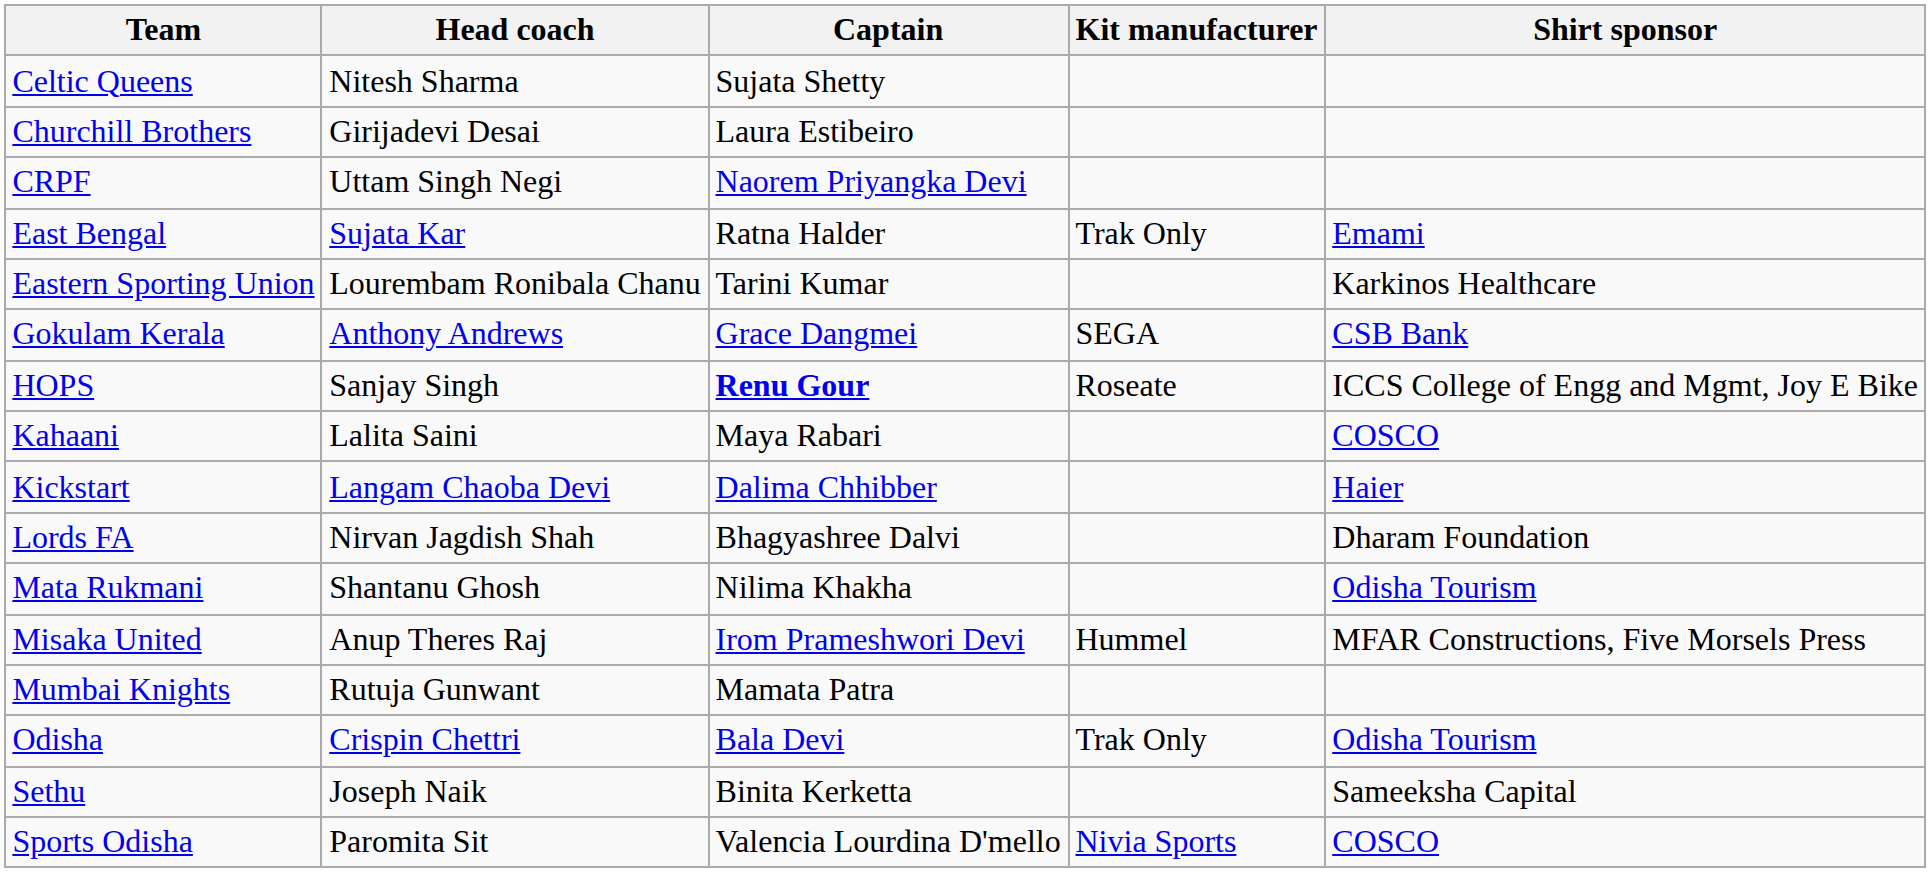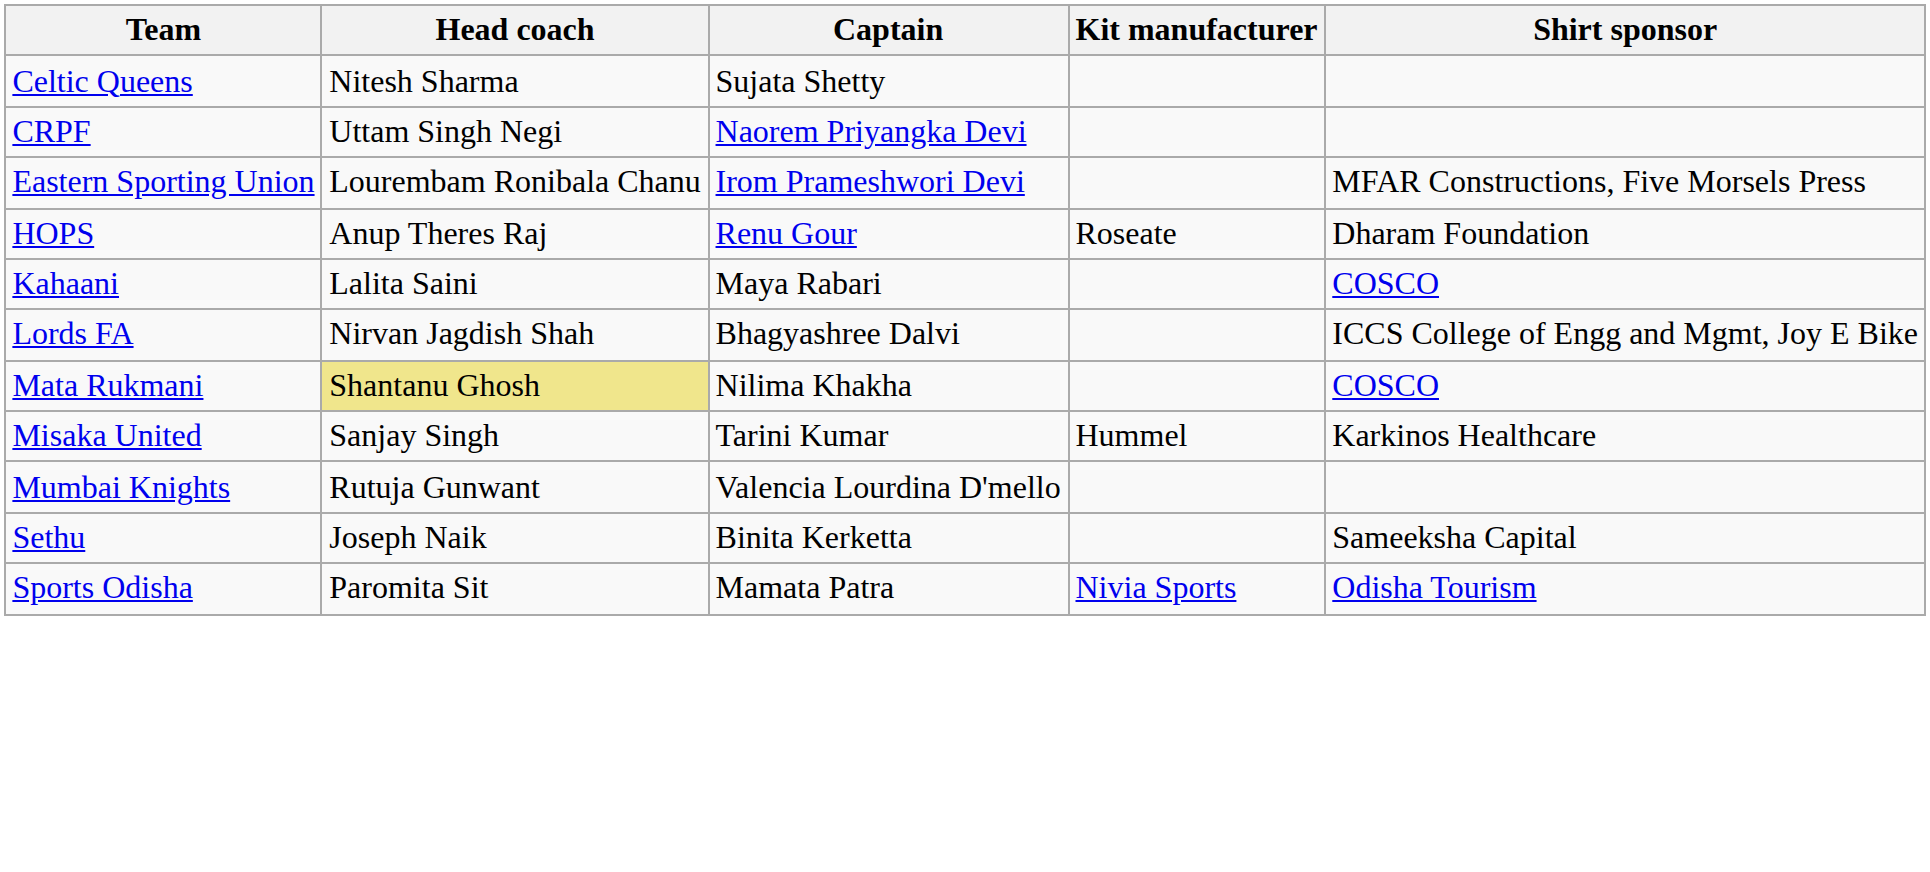 <table class="wikitable sortable" style="text-align: left">
 <tr>
 <th scope=col>Team</th>
 <th scope=col>Head coach</th>
 <th scope=col>Captain</th>
 <th scope=col>Kit manufacturer</th>
 <th scope=col>Shirt sponsor</th>
 </tr>
 <tr>
 <td><a href='#'>Celtic Queens</a></td>
 <td> Nitesh Sharma</td>
 <td> Sujata Shetty</td>
 <td></td>
 <td></td>
 </tr>
 <tr>
-<td><a href='#'>Churchill Brothers</a></td>
-<td> Girijadevi Desai</td>
-<td> Laura Estibeiro</td>
-<td></td>
-<td></td>
-</tr>
-<tr>
 <td><a href='#'>CRPF</a></td>
 <td> Uttam Singh Negi</td>
 <td> <a href='#'>Naorem Priyangka Devi</a></td>
 <td></td>
 <td></td>
 </tr>
 <tr>
-<td><a href='#'>East Bengal</a></td>
-<td> <a href='#'>Sujata Kar</a></td>
-<td> Ratna Halder</td>
-<td>Trak Only</td>
-<td><a href='#'>Emami</a></td>
-</tr>
-<tr>
 <td><a href='#'>Eastern Sporting Union</a></td>
 <td> Lourembam Ronibala Chanu</td>
-<td> Tarini Kumar</td>
+<td> <a href='#'>Irom Prameshwori Devi</a></td>
 <td></td>
-<td>Karkinos Healthcare</td>
-</tr>
-<tr>
-<td><a href='#'>Gokulam Kerala</a></td>
-<td> <a href='#'>Anthony Andrews</a></td>
-<td> <a href='#'>Grace Dangmei</a></td>
-<td>SEGA</td>
-<td><a href='#'>CSB Bank</a></td>
+<td>MFAR Constructions, Five Morsels Press</td>
 </tr>
 <tr>
 <td><a href='#'>HOPS</a></td>
-<td> Sanjay Singh</td>
-<td><strong> <a href='#'>Renu Gour</a></strong></td>
+<td> Anup Theres Raj</td>
+<td> <a href='#'>Renu Gour</a></td>
 <td>Roseate</td>
-<td>ICCS College of Engg and Mgmt, Joy E Bike</td>
+<td>Dharam Foundation</td>
 </tr>
 <tr>
 <td><a href='#'>Kahaani</a></td>
 <td> Lalita Saini</td>
 <td> Maya Rabari</td>
 <td></td>
 <td><a href='#'>COSCO</a></td>
 </tr>
 <tr>
-<td><a href='#'>Kickstart</a></td>
-<td> <a href='#'>Langam Chaoba Devi</a></td>
-<td> <a href='#'>Dalima Chhibber</a></td>
-<td></td>
-<td><a href='#'>Haier</a></td>
-</tr>
-<tr>
 <td><a href='#'>Lords FA</a></td>
 <td> Nirvan Jagdish Shah</td>
 <td> Bhagyashree Dalvi</td>
 <td></td>
-<td>Dharam Foundation</td>
+<td>ICCS College of Engg and Mgmt, Joy E Bike</td>
 </tr>
 <tr>
 <td><a href='#'>Mata Rukmani</a></td>
-<td> Shantanu Ghosh</td>
+<td style="background: khaki;"> Shantanu Ghosh</td>
 <td> Nilima Khakha</td>
 <td></td>
-<td><a href='#'>Odisha Tourism</a></td>
+<td><a href='#'>COSCO</a></td>
 </tr>
 <tr>
 <td><a href='#'>Misaka United</a></td>
-<td> Anup Theres Raj</td>
-<td> <a href='#'>Irom Prameshwori Devi</a></td>
+<td> Sanjay Singh</td>
+<td> Tarini Kumar</td>
 <td>Hummel</td>
-<td>MFAR Constructions, Five Morsels Press</td>
+<td>Karkinos Healthcare</td>
 </tr>
 <tr>
 <td><a href='#'>Mumbai Knights</a></td>
 <td> Rutuja Gunwant</td>
-<td> Mamata Patra</td>
+<td> Valencia Lourdina D'mello</td>
 <td></td>
 <td></td>
-</tr>
-<tr>
-<td><a href='#'>Odisha</a></td>
-<td> <a href='#'>Crispin Chettri</a></td>
-<td> <a href='#'>Bala Devi</a></td>
-<td>Trak Only</td>
-<td><a href='#'>Odisha Tourism</a></td>
 </tr>
 <tr>
 <td><a href='#'>Sethu</a></td>
 <td> Joseph Naik</td>
 <td> Binita Kerketta</td>
 <td></td>
 <td>Sameeksha Capital</td>
 </tr>
 <tr>
 <td><a href='#'>Sports Odisha</a></td>
 <td> Paromita Sit</td>
-<td> Valencia Lourdina D'mello</td>
+<td> Mamata Patra</td>
 <td><a href='#'>Nivia Sports</a></td>
-<td><a href='#'>COSCO</a></td>
+<td><a href='#'>Odisha Tourism</a></td>
 </tr>
 </table>
